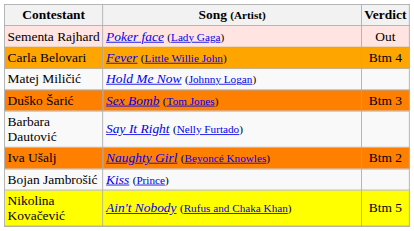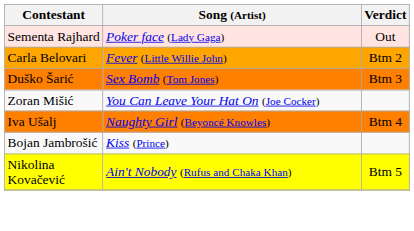 <table class="wikitable">
 <tr>
 <th width="110">Contestant</th>
 <th width="300">Song <small>(Artist)</small></th>
 <th width="28">Verdict</th>
 </tr>
 <tr bgcolor="#FFE4E1">
 <td align="left">Sementa Rajhard</td>
 <td align="left"><em><a href='#'>Poker face</a></em> <small>(<a href='#'>Lady Gaga</a>)</small></td>
 <td align="center">Out</td>
 </tr>
 <tr bgcolor="orange">
 <td align="left">Carla Belovari</td>
 <td align="left"><em><a href='#'>Fever</a></em> <small>(<a href='#'>Little Willie John</a>)</small></td>
-<td align="center">Btm 4</td>
-</tr>
-<tr>
-<td align="left">Matej Miličić</td>
-<td align="left"><em><a href='#'>Hold Me Now</a></em> <small>(<a href='#'>Johnny Logan</a>)</small></td>
-<td align="center"></td>
+<td align="center">Btm 2</td>
 </tr>
 <tr bgcolor="#FF7F00">
 <td align="left">Duško Šarić</td>
 <td align="left"><em><a href='#'>Sex Bomb</a></em> <small>(<a href='#'>Tom Jones</a>)</small></td>
 <td align="center">Btm 3</td>
 </tr>
 <tr>
-<td align="left">Barbara Dautović</td>
-<td align="left"><em><a href='#'>Say It Right</a></em> <small>(<a href='#'>Nelly Furtado</a>)</small></td>
+<td align="left">Zoran Mišić</td>
+<td align="left"><em><a href='#'>You Can Leave Your Hat On</a></em> <small>(<a href='#'>Joe Cocker</a>)</small></td>
 <td align="center"></td>
 </tr>
 <tr bgcolor="#FF7F00">
 <td align="left">Iva Ušalj</td>
 <td align="left"><em><a href='#'>Naughty Girl</a></em> <small>(<a href='#'>Beyoncé Knowles</a>)</small></td>
-<td align="center">Btm 2</td>
+<td align="center">Btm 4</td>
 </tr>
 <tr>
 <td align="left">Bojan Jambrošić</td>
 <td align="left"><em><a href='#'>Kiss</a></em> <small>(<a href='#'>Prince</a>)</small></td>
 <td align="center"></td>
 </tr>
 <tr bgcolor="yellow">
 <td align="left">Nikolina Kovačević</td>
 <td align="left"><em><a href='#'>Ain't Nobody</a></em> <small>(<a href='#'>Rufus and Chaka Khan</a>)</small></td>
 <td align="center">Btm 5</td>
 </tr>
 <tr>
 </tr>
 </table>
